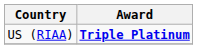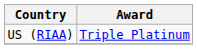 <table class="wikitable sortable style="text-align:center">
 <tr>
 <th>Country</th>
 <th>Award</th>
 </tr>
 <tr>
 <td>US (<a href='#'>RIAA</a>)</td>
-<td><strong><a href='#'>Triple Platinum</a></strong></td>
+<td><a href='#'>Triple Platinum</a></td>
 </tr>
 <tr>
 </tr>
 </table>
